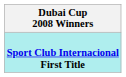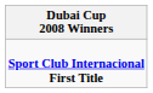 <table class="wikitable" style="text-align: center; margin: 0 auto;">
 <tr>
 <th>Dubai Cup<br>2008 Winners</th>
 </tr>
 <tr>
-<td style="background: paleturquoise;"><br><strong><a href='#'>Sport Club Internacional</a></strong><br><strong>First Title</strong></td>
+<td><br><strong><a href='#'>Sport Club Internacional</a></strong><br><strong>First Title</strong></td>
 </tr>
 </table>
